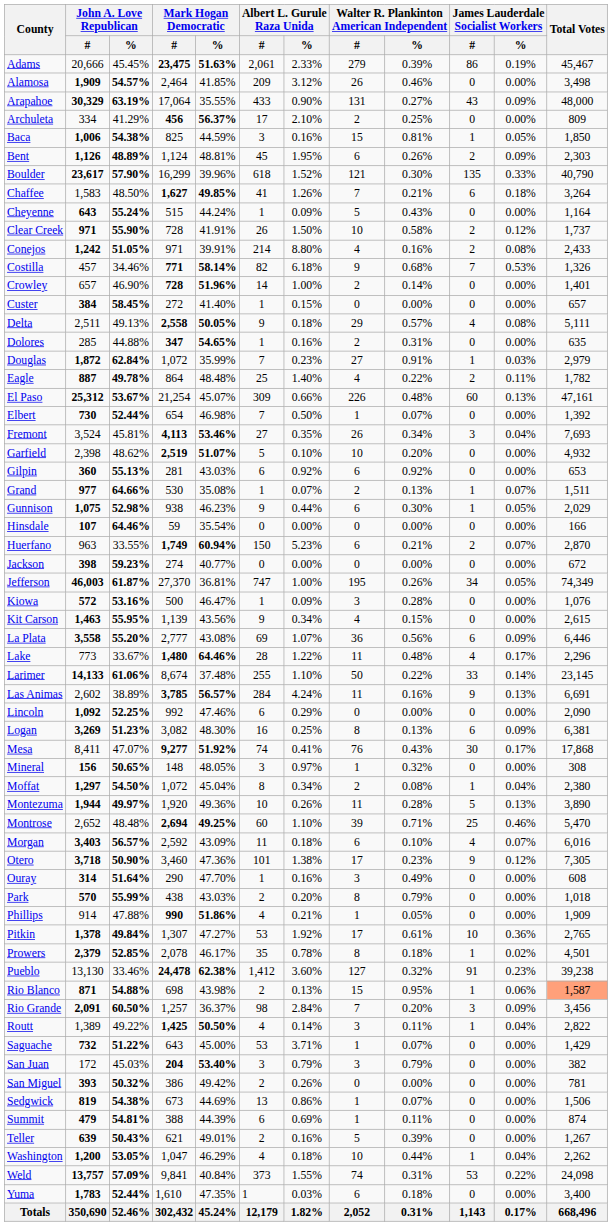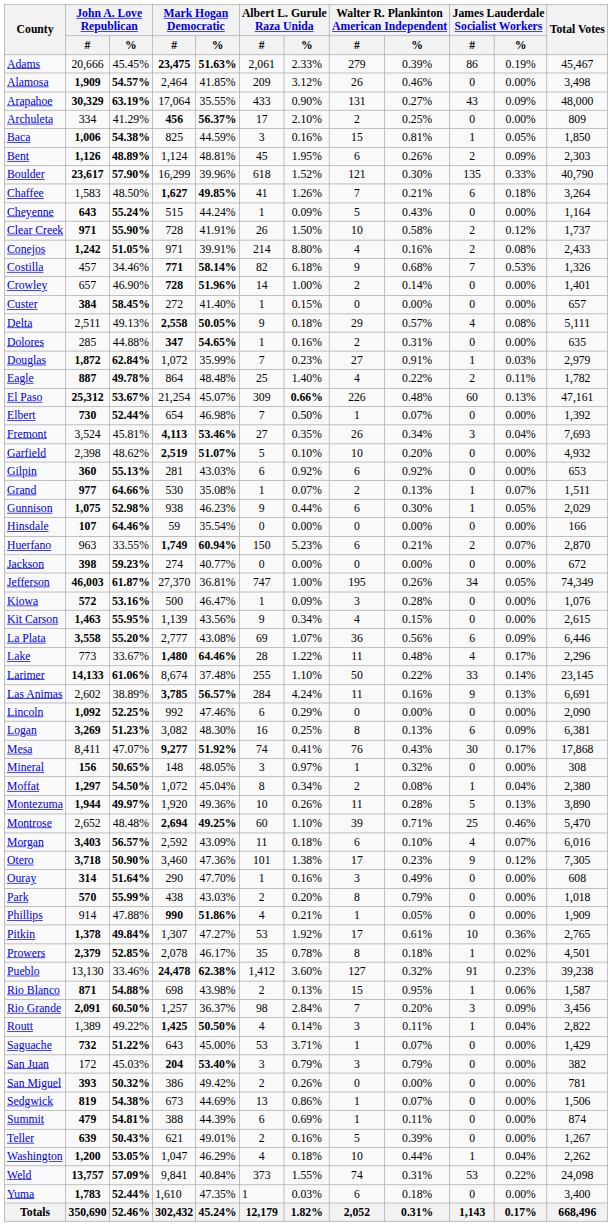 <table class="wikitable sortable">
 <tr>
 <th rowspan="2" scope="col">County</th>
 <th colspan="2" scope="col"><a href='#'>John A. Love</a><br><a href='#'>Republican</a></th>
 <th colspan="2" scope="col"><a href='#'>Mark Hogan</a><br><a href='#'>Democratic</a></th>
 <th colspan="2" scope="col">Albert L. Gurule<br><a href='#'>Raza Unida</a></th>
 <th colspan="2" scope="col">Walter R. Plankinton<br><a href='#'>American Independent</a></th>
 <th colspan="2" scope="col">James Lauderdale<br><a href='#'>Socialist Workers</a></th>
 <th rowspan="2" scope="col">Total Votes</th>
 </tr>
 <tr>
 <th>#</th>
 <th>%</th>
 <th>#</th>
 <th>%</th>
 <th>#</th>
 <th>%</th>
 <th>#</th>
 <th>%</th>
 <th>#</th>
 <th>%</th>
 </tr>
 <tr>
 <td><a href='#'>Adams</a></td>
 <td align="center">20,666</td>
 <td align="center">45.45%</td>
 <td align="center"><strong>23,475</strong></td>
 <td align="center"><strong>51.63%</strong></td>
 <td align="center">2,061</td>
 <td align="center">2.33%</td>
 <td align="center">279</td>
 <td align="center">0.39%</td>
 <td align="center">86</td>
 <td align="center">0.19%</td>
 <td align="center">45,467</td>
 </tr>
 <tr>
 <td><a href='#'>Alamosa</a></td>
 <td align="center"><strong>1,909</strong></td>
 <td align="center"><strong>54.57%</strong></td>
 <td align="center">2,464</td>
 <td align="center">41.85%</td>
 <td align="center">209</td>
 <td align="center">3.12%</td>
 <td align="center">26</td>
 <td align="center">0.46%</td>
 <td align="center">0</td>
 <td align="center">0.00%</td>
 <td align="center">3,498</td>
 </tr>
 <tr>
 <td><a href='#'>Arapahoe</a></td>
 <td align="center"><strong>30,329</strong></td>
 <td align="center"><strong>63.19%</strong></td>
 <td align="center">17,064</td>
 <td align="center">35.55%</td>
 <td align="center">433</td>
 <td align="center">0.90%</td>
 <td align="center">131</td>
 <td align="center">0.27%</td>
 <td align="center">43</td>
 <td align="center">0.09%</td>
 <td align="center">48,000</td>
 </tr>
 <tr>
 <td><a href='#'>Archuleta</a></td>
 <td align="center">334</td>
 <td align="center">41.29%</td>
 <td align="center"><strong>456</strong></td>
 <td align="center"><strong>56.37%</strong></td>
 <td align="center">17</td>
 <td align="center">2.10%</td>
 <td align="center">2</td>
 <td align="center">0.25%</td>
 <td align="center">0</td>
 <td align="center">0.00%</td>
 <td align="center">809</td>
 </tr>
 <tr>
 <td><a href='#'>Baca</a></td>
 <td align="center"><strong>1,006</strong></td>
 <td align="center"><strong>54.38%</strong></td>
 <td align="center">825</td>
 <td align="center">44.59%</td>
 <td align="center">3</td>
 <td align="center">0.16%</td>
 <td align="center">15</td>
 <td align="center">0.81%</td>
 <td align="center">1</td>
 <td align="center">0.05%</td>
 <td align="center">1,850</td>
 </tr>
 <tr>
 <td><a href='#'>Bent</a></td>
 <td align="center"><strong>1,126</strong></td>
 <td align="center"><strong>48.89%</strong></td>
 <td align="center">1,124</td>
 <td align="center">48.81%</td>
 <td align="center">45</td>
 <td align="center">1.95%</td>
 <td align="center">6</td>
 <td align="center">0.26%</td>
 <td align="center">2</td>
 <td align="center">0.09%</td>
 <td align="center">2,303</td>
 </tr>
 <tr>
 <td><a href='#'>Boulder</a></td>
 <td align="center"><strong>23,617</strong></td>
 <td align="center"><strong>57.90%</strong></td>
 <td align="center">16,299</td>
 <td align="center">39.96%</td>
 <td align="center">618</td>
 <td align="center">1.52%</td>
 <td align="center">121</td>
 <td align="center">0.30%</td>
 <td align="center">135</td>
 <td align="center">0.33%</td>
 <td align="center">40,790</td>
 </tr>
 <tr>
 <td><a href='#'>Chaffee</a></td>
 <td align="center">1,583</td>
 <td align="center">48.50%</td>
 <td align="center"><strong>1,627</strong></td>
 <td align="center"><strong>49.85%</strong></td>
 <td align="center">41</td>
 <td align="center">1.26%</td>
 <td align="center">7</td>
 <td align="center">0.21%</td>
 <td align="center">6</td>
 <td align="center">0.18%</td>
 <td align="center">3,264</td>
 </tr>
 <tr>
 <td><a href='#'>Cheyenne</a></td>
 <td align="center"><strong>643</strong></td>
 <td align="center"><strong>55.24%</strong></td>
 <td align="center">515</td>
 <td align="center">44.24%</td>
 <td align="center">1</td>
 <td align="center">0.09%</td>
 <td align="center">5</td>
 <td align="center">0.43%</td>
 <td align="center">0</td>
 <td align="center">0.00%</td>
 <td align="center">1,164</td>
 </tr>
 <tr>
 <td><a href='#'>Clear Creek</a></td>
 <td align="center"><strong>971</strong></td>
 <td align="center"><strong>55.90%</strong></td>
 <td align="center">728</td>
 <td align="center">41.91%</td>
 <td align="center">26</td>
 <td align="center">1.50%</td>
 <td align="center">10</td>
 <td align="center">0.58%</td>
 <td align="center">2</td>
 <td align="center">0.12%</td>
 <td align="center">1,737</td>
 </tr>
 <tr>
 <td><a href='#'>Conejos</a></td>
 <td align="center"><strong>1,242</strong></td>
 <td align="center"><strong>51.05%</strong></td>
 <td align="center">971</td>
 <td align="center">39.91%</td>
 <td align="center">214</td>
 <td align="center">8.80%</td>
 <td align="center">4</td>
 <td align="center">0.16%</td>
 <td align="center">2</td>
 <td align="center">0.08%</td>
 <td align="center">2,433</td>
 </tr>
 <tr>
 <td><a href='#'>Costilla</a></td>
 <td align="center">457</td>
 <td align="center">34.46%</td>
 <td align="center"><strong>771</strong></td>
 <td align="center"><strong>58.14%</strong></td>
 <td align="center">82</td>
 <td align="center">6.18%</td>
 <td align="center">9</td>
 <td align="center">0.68%</td>
 <td align="center">7</td>
 <td align="center">0.53%</td>
 <td align="center">1,326</td>
 </tr>
 <tr>
 <td><a href='#'>Crowley</a></td>
 <td align="center">657</td>
 <td align="center">46.90%</td>
 <td align="center"><strong>728</strong></td>
 <td align="center"><strong>51.96%</strong></td>
 <td align="center">14</td>
 <td align="center">1.00%</td>
 <td align="center">2</td>
 <td align="center">0.14%</td>
 <td align="center">0</td>
 <td align="center">0.00%</td>
 <td align="center">1,401</td>
 </tr>
 <tr>
 <td><a href='#'>Custer</a></td>
 <td align="center"><strong>384</strong></td>
 <td align="center"><strong>58.45%</strong></td>
 <td align="center">272</td>
 <td align="center">41.40%</td>
 <td align="center">1</td>
 <td align="center">0.15%</td>
 <td align="center">0</td>
 <td align="center">0.00%</td>
 <td align="center">0</td>
 <td align="center">0.00%</td>
 <td align="center">657</td>
 </tr>
 <tr>
 <td><a href='#'>Delta</a></td>
 <td align="center">2,511</td>
 <td align="center">49.13%</td>
 <td align="center"><strong>2,558</strong></td>
 <td align="center"><strong>50.05%</strong></td>
 <td align="center">9</td>
 <td align="center">0.18%</td>
 <td align="center">29</td>
 <td align="center">0.57%</td>
 <td align="center">4</td>
 <td align="center">0.08%</td>
 <td align="center">5,111</td>
 </tr>
 <tr>
 <td><a href='#'>Dolores</a></td>
 <td align="center">285</td>
 <td align="center">44.88%</td>
 <td align="center"><strong>347</strong></td>
 <td align="center"><strong>54.65%</strong></td>
 <td align="center">1</td>
 <td align="center">0.16%</td>
 <td align="center">2</td>
 <td align="center">0.31%</td>
 <td align="center">0</td>
 <td align="center">0.00%</td>
 <td align="center">635</td>
 </tr>
 <tr>
 <td><a href='#'>Douglas</a></td>
 <td align="center"><strong>1,872</strong></td>
 <td align="center"><strong>62.84%</strong></td>
 <td align="center">1,072</td>
 <td align="center">35.99%</td>
 <td align="center">7</td>
 <td align="center">0.23%</td>
 <td align="center">27</td>
 <td align="center">0.91%</td>
 <td align="center">1</td>
 <td align="center">0.03%</td>
 <td align="center">2,979</td>
 </tr>
 <tr>
 <td><a href='#'>Eagle</a></td>
 <td align="center"><strong>887</strong></td>
 <td align="center"><strong>49.78%</strong></td>
 <td align="center">864</td>
 <td align="center">48.48%</td>
 <td align="center">25</td>
 <td align="center">1.40%</td>
 <td align="center">4</td>
 <td align="center">0.22%</td>
 <td align="center">2</td>
 <td align="center">0.11%</td>
 <td align="center">1,782</td>
 </tr>
 <tr>
 <td><a href='#'>El Paso</a></td>
 <td align="center"><strong>25,312</strong></td>
 <td align="center"><strong>53.67%</strong></td>
 <td align="center">21,254</td>
 <td align="center">45.07%</td>
 <td align="center">309</td>
-<td align="center">0.66%</td>
+<td align="center"><strong>0.66%</strong></td>
 <td align="center">226</td>
 <td align="center">0.48%</td>
 <td align="center">60</td>
 <td align="center">0.13%</td>
 <td align="center">47,161</td>
 </tr>
 <tr>
 <td><a href='#'>Elbert</a></td>
 <td align="center"><strong>730</strong></td>
 <td align="center"><strong>52.44%</strong></td>
 <td align="center">654</td>
 <td align="center">46.98%</td>
 <td align="center">7</td>
 <td align="center">0.50%</td>
 <td align="center">1</td>
 <td align="center">0.07%</td>
 <td align="center">0</td>
 <td align="center">0.00%</td>
 <td align="center">1,392</td>
 </tr>
 <tr>
 <td><a href='#'>Fremont</a></td>
 <td align="center">3,524</td>
 <td align="center">45.81%</td>
 <td align="center"><strong>4,113</strong></td>
 <td align="center"><strong>53.46%</strong></td>
 <td align="center">27</td>
 <td align="center">0.35%</td>
 <td align="center">26</td>
 <td align="center">0.34%</td>
 <td align="center">3</td>
 <td align="center">0.04%</td>
 <td align="center">7,693</td>
 </tr>
 <tr>
 <td><a href='#'>Garfield</a></td>
 <td align="center">2,398</td>
 <td align="center">48.62%</td>
 <td align="center"><strong>2,519</strong></td>
 <td align="center"><strong>51.07%</strong></td>
 <td align="center">5</td>
 <td align="center">0.10%</td>
 <td align="center">10</td>
 <td align="center">0.20%</td>
 <td align="center">0</td>
 <td align="center">0.00%</td>
 <td align="center">4,932</td>
 </tr>
 <tr>
 <td><a href='#'>Gilpin</a></td>
 <td align="center"><strong>360</strong></td>
 <td align="center"><strong>55.13%</strong></td>
 <td align="center">281</td>
 <td align="center">43.03%</td>
 <td align="center">6</td>
 <td align="center">0.92%</td>
 <td align="center">6</td>
 <td align="center">0.92%</td>
 <td align="center">0</td>
 <td align="center">0.00%</td>
 <td align="center">653</td>
 </tr>
 <tr>
 <td><a href='#'>Grand</a></td>
 <td align="center"><strong>977</strong></td>
 <td align="center"><strong>64.66%</strong></td>
 <td align="center">530</td>
 <td align="center">35.08%</td>
 <td align="center">1</td>
 <td align="center">0.07%</td>
 <td align="center">2</td>
 <td align="center">0.13%</td>
 <td align="center">1</td>
 <td align="center">0.07%</td>
 <td align="center">1,511</td>
 </tr>
 <tr>
 <td><a href='#'>Gunnison</a></td>
 <td align="center"><strong>1,075</strong></td>
 <td align="center"><strong>52.98%</strong></td>
 <td align="center">938</td>
 <td align="center">46.23%</td>
 <td align="center">9</td>
 <td align="center">0.44%</td>
 <td align="center">6</td>
 <td align="center">0.30%</td>
 <td align="center">1</td>
 <td align="center">0.05%</td>
 <td align="center">2,029</td>
 </tr>
 <tr>
 <td><a href='#'>Hinsdale</a></td>
 <td align="center"><strong>107</strong></td>
 <td align="center"><strong>64.46%</strong></td>
 <td align="center">59</td>
 <td align="center">35.54%</td>
 <td align="center">0</td>
 <td align="center">0.00%</td>
 <td align="center">0</td>
 <td align="center">0.00%</td>
 <td align="center">0</td>
 <td align="center">0.00%</td>
 <td align="center">166</td>
 </tr>
 <tr>
 <td><a href='#'>Huerfano</a></td>
 <td align="center">963</td>
 <td align="center">33.55%</td>
 <td align="center"><strong>1,749</strong></td>
 <td align="center"><strong>60.94%</strong></td>
 <td align="center">150</td>
 <td align="center">5.23%</td>
 <td align="center">6</td>
 <td align="center">0.21%</td>
 <td align="center">2</td>
 <td align="center">0.07%</td>
 <td align="center">2,870</td>
 </tr>
 <tr>
 <td><a href='#'>Jackson</a></td>
 <td align="center"><strong>398</strong></td>
 <td align="center"><strong>59.23%</strong></td>
 <td align="center">274</td>
 <td align="center">40.77%</td>
 <td align="center">0</td>
 <td align="center">0.00%</td>
 <td align="center">0</td>
 <td align="center">0.00%</td>
 <td align="center">0</td>
 <td align="center">0.00%</td>
 <td align="center">672</td>
 </tr>
 <tr>
 <td><a href='#'>Jefferson</a></td>
 <td align="center"><strong>46,003</strong></td>
 <td align="center"><strong>61.87%</strong></td>
 <td align="center">27,370</td>
 <td align="center">36.81%</td>
 <td align="center">747</td>
 <td align="center">1.00%</td>
 <td align="center">195</td>
 <td align="center">0.26%</td>
 <td align="center">34</td>
 <td align="center">0.05%</td>
 <td align="center">74,349</td>
 </tr>
 <tr>
 <td><a href='#'>Kiowa</a></td>
 <td align="center"><strong>572</strong></td>
 <td align="center"><strong>53.16%</strong></td>
 <td align="center">500</td>
 <td align="center">46.47%</td>
 <td align="center">1</td>
 <td align="center">0.09%</td>
 <td align="center">3</td>
 <td align="center">0.28%</td>
 <td align="center">0</td>
 <td align="center">0.00%</td>
 <td align="center">1,076</td>
 </tr>
 <tr>
 <td><a href='#'>Kit Carson</a></td>
 <td align="center"><strong>1,463</strong></td>
 <td align="center"><strong>55.95%</strong></td>
 <td align="center">1,139</td>
 <td align="center">43.56%</td>
 <td align="center">9</td>
 <td align="center">0.34%</td>
 <td align="center">4</td>
 <td align="center">0.15%</td>
 <td align="center">0</td>
 <td align="center">0.00%</td>
 <td align="center">2,615</td>
 </tr>
 <tr>
 <td><a href='#'>La Plata</a></td>
 <td align="center"><strong>3,558</strong></td>
 <td align="center"><strong>55.20%</strong></td>
 <td align="center">2,777</td>
 <td align="center">43.08%</td>
 <td align="center">69</td>
 <td align="center">1.07%</td>
 <td align="center">36</td>
 <td align="center">0.56%</td>
 <td align="center">6</td>
 <td align="center">0.09%</td>
 <td align="center">6,446</td>
 </tr>
 <tr>
 <td><a href='#'>Lake</a></td>
 <td align="center">773</td>
 <td align="center">33.67%</td>
 <td align="center"><strong>1,480</strong></td>
 <td align="center"><strong>64.46%</strong></td>
 <td align="center">28</td>
 <td align="center">1.22%</td>
 <td align="center">11</td>
 <td align="center">0.48%</td>
 <td align="center">4</td>
 <td align="center">0.17%</td>
 <td align="center">2,296</td>
 </tr>
 <tr>
 <td><a href='#'>Larimer</a></td>
 <td align="center"><strong>14,133</strong></td>
 <td align="center"><strong>61.06%</strong></td>
 <td align="center">8,674</td>
 <td align="center">37.48%</td>
 <td align="center">255</td>
 <td align="center">1.10%</td>
 <td align="center">50</td>
 <td align="center">0.22%</td>
 <td align="center">33</td>
 <td align="center">0.14%</td>
 <td align="center">23,145</td>
 </tr>
 <tr>
 <td><a href='#'>Las Animas</a></td>
 <td align="center">2,602</td>
 <td align="center">38.89%</td>
 <td align="center"><strong>3,785</strong></td>
 <td align="center"><strong>56.57%</strong></td>
 <td align="center">284</td>
 <td align="center">4.24%</td>
 <td align="center">11</td>
 <td align="center">0.16%</td>
 <td align="center">9</td>
 <td align="center">0.13%</td>
 <td align="center">6,691</td>
 </tr>
 <tr>
 <td><a href='#'>Lincoln</a></td>
 <td align="center"><strong>1,092</strong></td>
 <td align="center"><strong>52.25%</strong></td>
 <td align="center">992</td>
 <td align="center">47.46%</td>
 <td align="center">6</td>
 <td align="center">0.29%</td>
 <td align="center">0</td>
 <td align="center">0.00%</td>
 <td align="center">0</td>
 <td align="center">0.00%</td>
 <td align="center">2,090</td>
 </tr>
 <tr>
 <td><a href='#'>Logan</a></td>
 <td align="center"><strong>3,269</strong></td>
 <td align="center"><strong>51.23%</strong></td>
 <td align="center">3,082</td>
 <td align="center">48.30%</td>
 <td align="center">16</td>
 <td align="center">0.25%</td>
 <td align="center">8</td>
 <td align="center">0.13%</td>
 <td align="center">6</td>
 <td align="center">0.09%</td>
 <td align="center">6,381</td>
 </tr>
 <tr>
 <td><a href='#'>Mesa</a></td>
 <td align="center">8,411</td>
 <td align="center">47.07%</td>
 <td align="center"><strong>9,277</strong></td>
 <td align="center"><strong>51.92%</strong></td>
 <td align="center">74</td>
 <td align="center">0.41%</td>
 <td align="center">76</td>
 <td align="center">0.43%</td>
 <td align="center">30</td>
 <td align="center">0.17%</td>
 <td align="center">17,868</td>
 </tr>
 <tr>
 <td><a href='#'>Mineral</a></td>
 <td align="center"><strong>156</strong></td>
 <td align="center"><strong>50.65%</strong></td>
 <td align="center">148</td>
 <td align="center">48.05%</td>
 <td align="center">3</td>
 <td align="center">0.97%</td>
 <td align="center">1</td>
 <td align="center">0.32%</td>
 <td align="center">0</td>
 <td align="center">0.00%</td>
 <td align="center">308</td>
 </tr>
 <tr>
 <td><a href='#'>Moffat</a></td>
 <td align="center"><strong>1,297</strong></td>
 <td align="center"><strong>54.50%</strong></td>
 <td align="center">1,072</td>
 <td align="center">45.04%</td>
 <td align="center">8</td>
 <td align="center">0.34%</td>
 <td align="center">2</td>
 <td align="center">0.08%</td>
 <td align="center">1</td>
 <td align="center">0.04%</td>
 <td align="center">2,380</td>
 </tr>
 <tr>
 <td><a href='#'>Montezuma</a></td>
 <td align="center"><strong>1,944</strong></td>
 <td align="center"><strong>49.97%</strong></td>
 <td align="center">1,920</td>
 <td align="center">49.36%</td>
 <td align="center">10</td>
 <td align="center">0.26%</td>
 <td align="center">11</td>
 <td align="center">0.28%</td>
 <td align="center">5</td>
 <td align="center">0.13%</td>
 <td align="center">3,890</td>
 </tr>
 <tr>
 <td><a href='#'>Montrose</a></td>
 <td align="center">2,652</td>
 <td align="center">48.48%</td>
 <td align="center"><strong>2,694</strong></td>
 <td align="center"><strong>49.25%</strong></td>
 <td align="center">60</td>
 <td align="center">1.10%</td>
 <td align="center">39</td>
 <td align="center">0.71%</td>
 <td align="center">25</td>
 <td align="center">0.46%</td>
 <td align="center">5,470</td>
 </tr>
 <tr>
 <td><a href='#'>Morgan</a></td>
 <td align="center"><strong>3,403</strong></td>
 <td align="center"><strong>56.57%</strong></td>
 <td align="center">2,592</td>
 <td align="center">43.09%</td>
 <td align="center">11</td>
 <td align="center">0.18%</td>
 <td align="center">6</td>
 <td align="center">0.10%</td>
 <td align="center">4</td>
 <td align="center">0.07%</td>
 <td align="center">6,016</td>
 </tr>
 <tr>
 <td><a href='#'>Otero</a></td>
 <td align="center"><strong>3,718</strong></td>
 <td align="center"><strong>50.90%</strong></td>
 <td align="center">3,460</td>
 <td align="center">47.36%</td>
 <td align="center">101</td>
 <td align="center">1.38%</td>
 <td align="center">17</td>
 <td align="center">0.23%</td>
 <td align="center">9</td>
 <td align="center">0.12%</td>
 <td align="center">7,305</td>
 </tr>
 <tr>
 <td><a href='#'>Ouray</a></td>
 <td align="center"><strong>314</strong></td>
 <td align="center"><strong>51.64%</strong></td>
 <td align="center">290</td>
 <td align="center">47.70%</td>
 <td align="center">1</td>
 <td align="center">0.16%</td>
 <td align="center">3</td>
 <td align="center">0.49%</td>
 <td align="center">0</td>
 <td align="center">0.00%</td>
 <td align="center">608</td>
 </tr>
 <tr>
 <td><a href='#'>Park</a></td>
 <td align="center"><strong>570</strong></td>
 <td align="center"><strong>55.99%</strong></td>
 <td align="center">438</td>
 <td align="center">43.03%</td>
 <td align="center">2</td>
 <td align="center">0.20%</td>
 <td align="center">8</td>
 <td align="center">0.79%</td>
 <td align="center">0</td>
 <td align="center">0.00%</td>
 <td align="center">1,018</td>
 </tr>
 <tr>
 <td><a href='#'>Phillips</a></td>
 <td align="center">914</td>
 <td align="center">47.88%</td>
 <td align="center"><strong>990</strong></td>
 <td align="center"><strong>51.86%</strong></td>
 <td align="center">4</td>
 <td align="center">0.21%</td>
 <td align="center">1</td>
 <td align="center">0.05%</td>
 <td align="center">0</td>
 <td align="center">0.00%</td>
 <td align="center">1,909</td>
 </tr>
 <tr>
 <td><a href='#'>Pitkin</a></td>
 <td align="center"><strong>1,378</strong></td>
 <td align="center"><strong>49.84%</strong></td>
 <td align="center">1,307</td>
 <td align="center">47.27%</td>
 <td align="center">53</td>
 <td align="center">1.92%</td>
 <td align="center">17</td>
 <td align="center">0.61%</td>
 <td align="center">10</td>
 <td align="center">0.36%</td>
 <td align="center">2,765</td>
 </tr>
 <tr>
 <td><a href='#'>Prowers</a></td>
 <td align="center"><strong>2,379</strong></td>
 <td align="center"><strong>52.85%</strong></td>
 <td align="center">2,078</td>
 <td align="center">46.17%</td>
 <td align="center">35</td>
 <td align="center">0.78%</td>
 <td align="center">8</td>
 <td align="center">0.18%</td>
 <td align="center">1</td>
 <td align="center">0.02%</td>
 <td align="center">4,501</td>
 </tr>
 <tr>
 <td><a href='#'>Pueblo</a></td>
 <td align="center">13,130</td>
 <td align="center">33.46%</td>
 <td align="center"><strong>24,478</strong></td>
 <td align="center"><strong>62.38%</strong></td>
 <td align="center">1,412</td>
 <td align="center">3.60%</td>
 <td align="center">127</td>
 <td align="center">0.32%</td>
 <td align="center">91</td>
 <td align="center">0.23%</td>
 <td align="center">39,238</td>
 </tr>
 <tr>
 <td><a href='#'>Rio Blanco</a></td>
 <td align="center"><strong>871</strong></td>
 <td align="center"><strong>54.88%</strong></td>
 <td align="center">698</td>
 <td align="center">43.98%</td>
 <td align="center">2</td>
 <td align="center">0.13%</td>
 <td align="center">15</td>
 <td align="center">0.95%</td>
 <td align="center">1</td>
 <td align="center">0.06%</td>
-<td align="center" style="background: lightsalmon;">1,587</td>
+<td align="center">1,587</td>
 </tr>
 <tr>
 <td><a href='#'>Rio Grande</a></td>
 <td align="center"><strong>2,091</strong></td>
 <td align="center"><strong>60.50%</strong></td>
 <td align="center">1,257</td>
 <td align="center">36.37%</td>
 <td align="center">98</td>
 <td align="center">2.84%</td>
 <td align="center">7</td>
 <td align="center">0.20%</td>
 <td align="center">3</td>
 <td align="center">0.09%</td>
 <td align="center">3,456</td>
 </tr>
 <tr>
 <td><a href='#'>Routt</a></td>
 <td align="center">1,389</td>
 <td align="center">49.22%</td>
 <td align="center"><strong>1,425</strong></td>
 <td align="center"><strong>50.50%</strong></td>
 <td align="center">4</td>
 <td align="center">0.14%</td>
 <td align="center">3</td>
 <td align="center">0.11%</td>
 <td align="center">1</td>
 <td align="center">0.04%</td>
 <td align="center">2,822</td>
 </tr>
 <tr>
 <td><a href='#'>Saguache</a></td>
 <td align="center"><strong>732</strong></td>
 <td align="center"><strong>51.22%</strong></td>
 <td align="center">643</td>
 <td align="center">45.00%</td>
 <td align="center">53</td>
 <td align="center">3.71%</td>
 <td align="center">1</td>
 <td align="center">0.07%</td>
 <td align="center">0</td>
 <td align="center">0.00%</td>
 <td align="center">1,429</td>
 </tr>
 <tr>
 <td><a href='#'>San Juan</a></td>
 <td align="center">172</td>
 <td align="center">45.03%</td>
 <td align="center"><strong>204</strong></td>
 <td align="center"><strong>53.40%</strong></td>
 <td align="center">3</td>
 <td align="center">0.79%</td>
 <td align="center">3</td>
 <td align="center">0.79%</td>
 <td align="center">0</td>
 <td align="center">0.00%</td>
 <td align="center">382</td>
 </tr>
 <tr>
 <td><a href='#'>San Miguel</a></td>
 <td align="center"><strong>393</strong></td>
 <td align="center"><strong>50.32%</strong></td>
 <td align="center">386</td>
 <td align="center">49.42%</td>
 <td align="center">2</td>
 <td align="center">0.26%</td>
 <td align="center">0</td>
 <td align="center">0.00%</td>
 <td align="center">0</td>
 <td align="center">0.00%</td>
 <td align="center">781</td>
 </tr>
 <tr>
 <td><a href='#'>Sedgwick</a></td>
 <td align="center"><strong>819</strong></td>
 <td align="center"><strong>54.38%</strong></td>
 <td align="center">673</td>
 <td align="center">44.69%</td>
 <td align="center">13</td>
 <td align="center">0.86%</td>
 <td align="center">1</td>
 <td align="center">0.07%</td>
 <td align="center">0</td>
 <td align="center">0.00%</td>
 <td align="center">1,506</td>
 </tr>
 <tr>
 <td><a href='#'>Summit</a></td>
 <td align="center"><strong>479</strong></td>
 <td align="center"><strong>54.81%</strong></td>
 <td align="center">388</td>
 <td align="center">44.39%</td>
 <td align="center">6</td>
 <td align="center">0.69%</td>
 <td align="center">1</td>
 <td align="center">0.11%</td>
 <td align="center">0</td>
 <td align="center">0.00%</td>
 <td align="center">874</td>
 </tr>
 <tr>
 <td><a href='#'>Teller</a></td>
 <td align="center"><strong>639</strong></td>
 <td align="center"><strong>50.43%</strong></td>
 <td align="center">621</td>
 <td align="center">49.01%</td>
 <td align="center">2</td>
 <td align="center">0.16%</td>
 <td align="center">5</td>
 <td align="center">0.39%</td>
 <td align="center">0</td>
 <td align="center">0.00%</td>
 <td align="center">1,267</td>
 </tr>
 <tr>
 <td><a href='#'>Washington</a></td>
 <td align="center"><strong>1,200</strong></td>
 <td align="center"><strong>53.05%</strong></td>
 <td align="center">1,047</td>
 <td align="center">46.29%</td>
 <td align="center">4</td>
 <td align="center">0.18%</td>
 <td align="center">10</td>
 <td align="center">0.44%</td>
 <td align="center">1</td>
 <td align="center">0.04%</td>
 <td align="center">2,262</td>
 </tr>
 <tr>
 <td><a href='#'>Weld</a></td>
 <td align="center"><strong>13,757</strong></td>
 <td align="center"><strong>57.09%</strong></td>
 <td align="center">9,841</td>
 <td align="center">40.84%</td>
 <td align="center">373</td>
 <td align="center">1.55%</td>
 <td align="center">74</td>
 <td align="center">0.31%</td>
 <td align="center">53</td>
 <td align="center">0.22%</td>
 <td align="center">24,098</td>
 </tr>
 <tr>
 <td><a href='#'>Yuma</a></td>
 <td align="center"><strong>1,783</strong></td>
 <td align="center"><strong>52.44%</strong></td>
 <td>1,610</td>
 <td align="center">47.35%</td>
 <td>1</td>
 <td align="center">0.03%</td>
 <td align="center">6</td>
 <td align="center">0.18%</td>
 <td align="center">0</td>
 <td align="center">0.00%</td>
 <td align="center">3,400</td>
 </tr>
 <tr>
 <th>Totals</th>
 <th>350,690</th>
 <th>52.46%</th>
 <th>302,432</th>
 <th>45.24%</th>
 <th>12,179</th>
 <th>1.82%</th>
 <th>2,052</th>
 <th>0.31%</th>
 <th>1,143</th>
 <th>0.17%</th>
 <th>668,496</th>
 </tr>
 </table>
